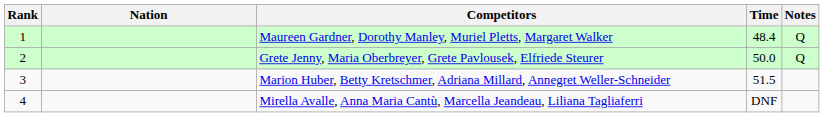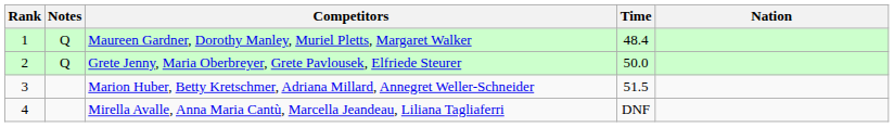 <table class="wikitable sortable"  style="width:75%; text-align:center; font-size:95%;">
 <tr>
 <th width=15>Rank</th>
-<th width=300>Nation</th>
+<th width=15>Notes</th>
 <th width=700>Competitors</th>
 <th width=15>Time</th>
-<th width=15>Notes</th>
+<th width=300>Nation</th>
 </tr>
 <tr style="background:#cfc;">
 <td>1</td>
-<td align=left></td>
+<td>Q</td>
 <td align=left><a href='#'>Maureen Gardner</a>, <a href='#'>Dorothy Manley</a>, <a href='#'>Muriel Pletts</a>, <a href='#'>Margaret Walker</a></td>
 <td>48.4</td>
-<td>Q</td>
+<td align=left></td>
 </tr>
 <tr style="background:#cfc;">
 <td>2</td>
-<td align=left></td>
+<td>Q</td>
 <td align=left><a href='#'>Grete Jenny</a>, <a href='#'>Maria Oberbreyer</a>, <a href='#'>Grete Pavlousek</a>, <a href='#'>Elfriede Steurer</a></td>
 <td>50.0</td>
-<td>Q</td>
+<td align=left></td>
 </tr>
 <tr>
 <td>3</td>
-<td align=left></td>
+<td></td>
 <td align=left><a href='#'>Marion Huber</a>, <a href='#'>Betty Kretschmer</a>, <a href='#'>Adriana Millard</a>, <a href='#'>Annegret Weller-Schneider</a></td>
 <td>51.5</td>
-<td></td>
+<td align=left></td>
 </tr>
 <tr>
 <td>4</td>
-<td align=left></td>
+<td></td>
 <td align=left><a href='#'>Mirella Avalle</a>, <a href='#'>Anna Maria Cantù</a>, <a href='#'>Marcella Jeandeau</a>, <a href='#'>Liliana Tagliaferri</a></td>
 <td>DNF</td>
-<td></td>
+<td align=left></td>
 </tr>
 </table>
